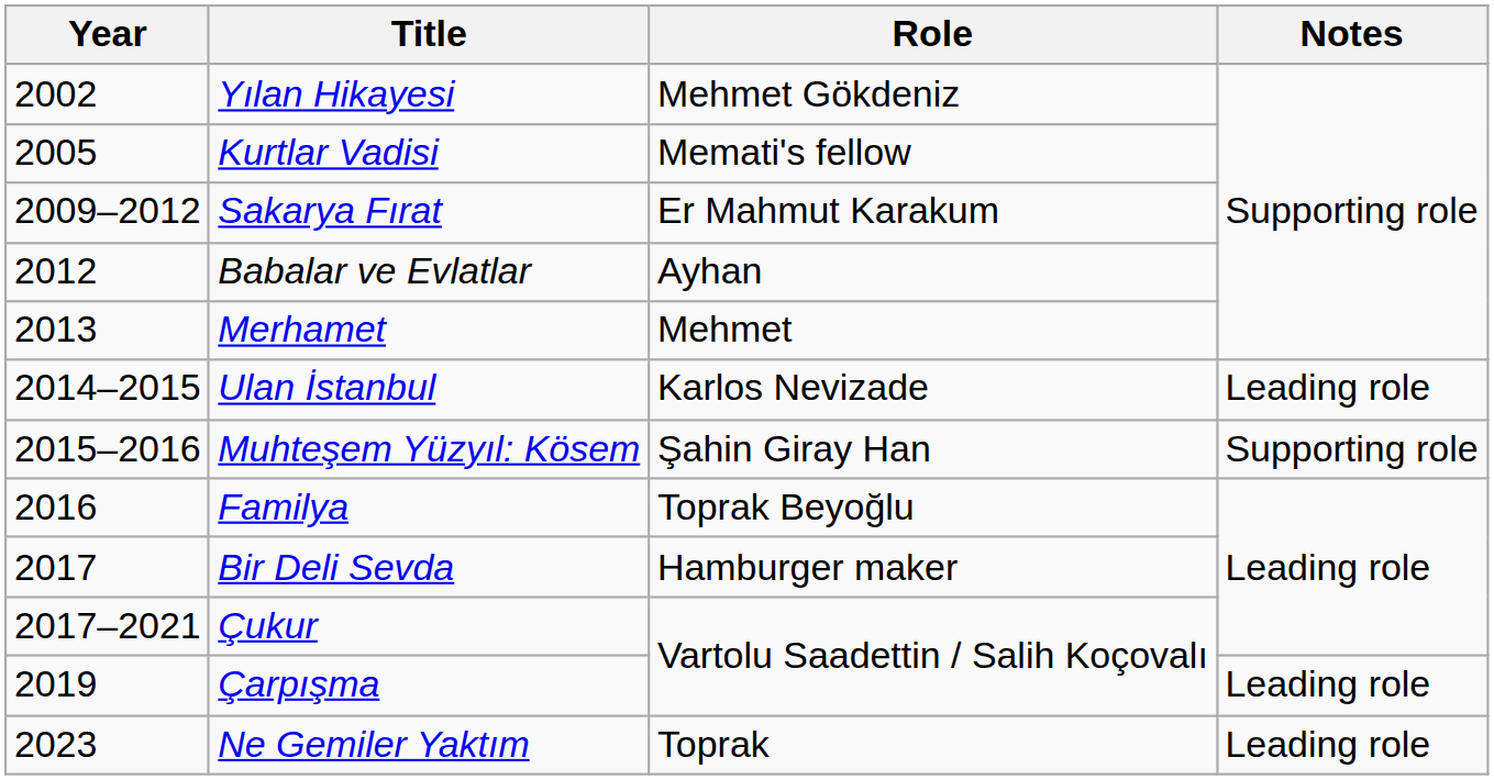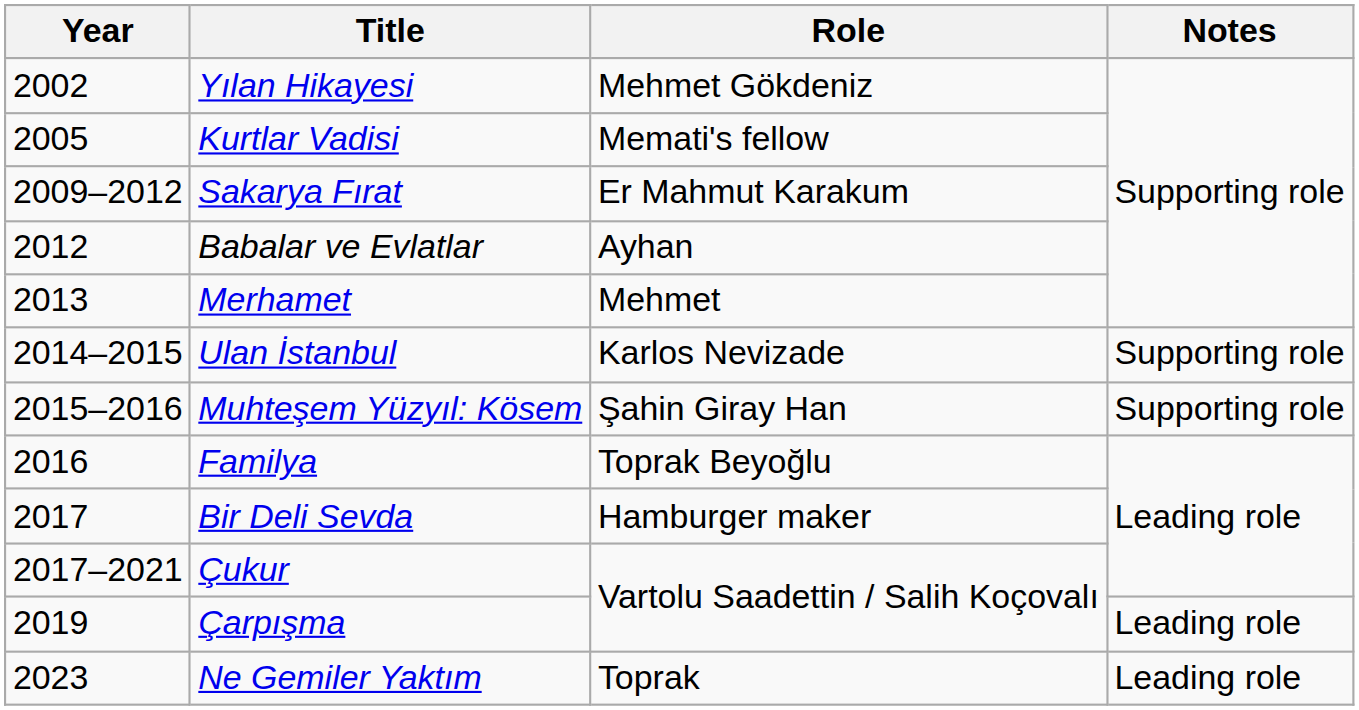 <table class="wikitable">
 <tr>
 <th>Year</th>
 <th>Title</th>
 <th>Role</th>
 <th>Notes</th>
 </tr>
 <tr>
 <td>2002</td>
 <td><em><a href='#'>Yılan Hikayesi</a></em></td>
 <td>Mehmet Gökdeniz</td>
 <td rowspan="5">Supporting role</td>
 </tr>
 <tr>
 <td>2005</td>
 <td><em><a href='#'>Kurtlar Vadisi</a></em></td>
 <td>Memati's fellow</td>
 </tr>
 <tr>
 <td>2009–2012</td>
 <td><em><a href='#'>Sakarya Fırat</a></em></td>
 <td>Er Mahmut Karakum</td>
 </tr>
 <tr>
 <td>2012</td>
 <td><em>Babalar ve Evlatlar</em></td>
 <td>Ayhan</td>
 </tr>
 <tr>
 <td>2013</td>
 <td><em><a href='#'>Merhamet</a></em></td>
 <td>Mehmet</td>
 </tr>
 <tr>
 <td>2014–2015</td>
 <td><em><a href='#'>Ulan İstanbul</a></em></td>
 <td>Karlos Nevizade</td>
-<td>Leading role</td>
+<td>Supporting role</td>
 </tr>
 <tr>
 <td>2015–2016</td>
 <td><em><a href='#'>Muhteşem Yüzyıl: Kösem</a></em></td>
 <td>Şahin Giray Han</td>
 <td>Supporting role</td>
 </tr>
 <tr>
 <td>2016</td>
 <td><em><a href='#'>Familya</a></em></td>
 <td>Toprak Beyoğlu</td>
 <td rowspan="3">Leading role</td>
 </tr>
 <tr>
 <td>2017</td>
 <td><em><a href='#'>Bir Deli Sevda</a></em></td>
 <td>Hamburger maker</td>
 </tr>
 <tr>
 <td>2017–2021</td>
 <td><em><a href='#'>Çukur</a></em></td>
 <td rowspan=2>Vartolu Saadettin / Salih Koçovalı</td>
 </tr>
 <tr>
 <td>2019</td>
 <td><em><a href='#'>Çarpışma</a></em></td>
 <td>Leading role</td>
 </tr>
 <tr>
 <td>2023</td>
 <td><em><a href='#'>Ne Gemiler Yaktım</a></em></td>
 <td>Toprak</td>
 <td>Leading role</td>
 </tr>
 </table>
